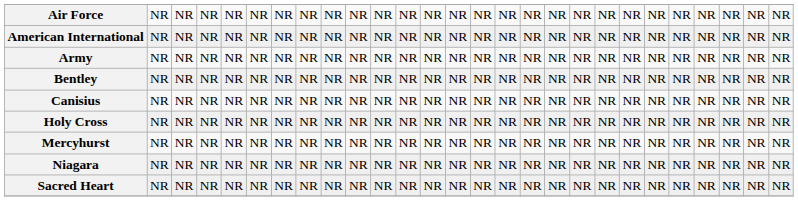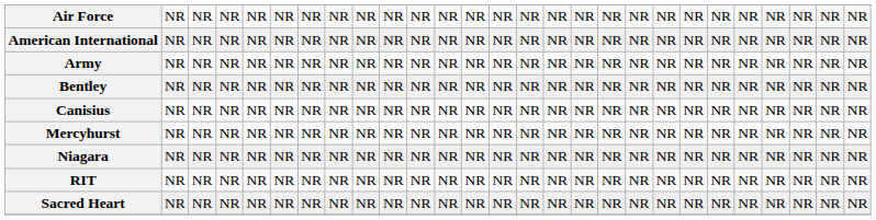 <table class="wikitable sortable" style="text-align: center;">
 <tr>
 </tr>
 <tr>
 <th>Air Force</th>
 <td>NR</td>
 <td>NR</td>
 <td>NR</td>
 <td>NR</td>
 <td>NR</td>
 <td>NR</td>
 <td>NR</td>
 <td>NR</td>
 <td>NR</td>
 <td>NR</td>
 <td>NR</td>
 <td>NR</td>
 <td>NR</td>
 <td>NR</td>
 <td>NR</td>
 <td>NR</td>
 <td>NR</td>
 <td>NR</td>
 <td>NR</td>
 <td>NR</td>
 <td>NR</td>
 <td>NR</td>
 <td>NR</td>
 <td>NR</td>
 <td>NR</td>
 <td>NR</td>
 </tr>
 <tr bgcolor=f0f0f0>
 <th>American International</th>
 <td>NR</td>
 <td>NR</td>
 <td>NR</td>
 <td>NR</td>
 <td>NR</td>
 <td>NR</td>
 <td>NR</td>
 <td>NR</td>
 <td>NR</td>
 <td>NR</td>
 <td>NR</td>
 <td>NR</td>
 <td>NR</td>
 <td>NR</td>
 <td>NR</td>
 <td>NR</td>
 <td>NR</td>
 <td>NR</td>
 <td>NR</td>
 <td>NR</td>
 <td>NR</td>
 <td>NR</td>
 <td>NR</td>
 <td>NR</td>
 <td>NR</td>
 <td>NR</td>
 </tr>
 <tr>
 <th>Army</th>
 <td>NR</td>
 <td>NR</td>
 <td>NR</td>
 <td>NR</td>
 <td>NR</td>
 <td>NR</td>
 <td>NR</td>
 <td>NR</td>
 <td>NR</td>
 <td>NR</td>
 <td>NR</td>
 <td>NR</td>
 <td>NR</td>
 <td>NR</td>
 <td>NR</td>
 <td>NR</td>
 <td>NR</td>
 <td>NR</td>
 <td>NR</td>
 <td>NR</td>
 <td>NR</td>
 <td>NR</td>
 <td>NR</td>
 <td>NR</td>
 <td>NR</td>
 <td>NR</td>
 </tr>
 <tr bgcolor=f0f0f0>
 <th>Bentley</th>
 <td>NR</td>
 <td>NR</td>
 <td>NR</td>
 <td>NR</td>
 <td>NR</td>
 <td>NR</td>
 <td>NR</td>
 <td>NR</td>
 <td>NR</td>
 <td>NR</td>
 <td>NR</td>
 <td>NR</td>
 <td>NR</td>
 <td>NR</td>
 <td>NR</td>
 <td>NR</td>
 <td>NR</td>
 <td>NR</td>
 <td>NR</td>
 <td>NR</td>
 <td>NR</td>
 <td>NR</td>
 <td>NR</td>
 <td>NR</td>
 <td>NR</td>
 <td>NR</td>
 </tr>
 <tr>
 <th>Canisius</th>
 <td>NR</td>
 <td>NR</td>
 <td>NR</td>
 <td>NR</td>
 <td>NR</td>
 <td>NR</td>
 <td>NR</td>
 <td>NR</td>
 <td>NR</td>
 <td>NR</td>
 <td>NR</td>
 <td>NR</td>
 <td>NR</td>
 <td>NR</td>
 <td>NR</td>
 <td>NR</td>
 <td>NR</td>
 <td>NR</td>
 <td>NR</td>
 <td>NR</td>
 <td>NR</td>
 <td>NR</td>
 <td>NR</td>
 <td>NR</td>
 <td>NR</td>
 <td>NR</td>
 </tr>
-<tr bgcolor=f0f0f0>
-<th>Holy Cross</th>
-<td>NR</td>
-<td>NR</td>
-<td>NR</td>
-<td>NR</td>
-<td>NR</td>
-<td>NR</td>
-<td>NR</td>
-<td>NR</td>
-<td>NR</td>
-<td>NR</td>
-<td>NR</td>
-<td>NR</td>
-<td>NR</td>
-<td>NR</td>
-<td>NR</td>
-<td>NR</td>
-<td>NR</td>
-<td>NR</td>
-<td>NR</td>
-<td>NR</td>
-<td>NR</td>
-<td>NR</td>
-<td>NR</td>
-<td>NR</td>
-<td>NR</td>
-<td>NR</td>
-</tr>
 <tr>
 <th>Mercyhurst</th>
 <td>NR</td>
 <td>NR</td>
 <td>NR</td>
 <td>NR</td>
 <td>NR</td>
 <td>NR</td>
 <td>NR</td>
 <td>NR</td>
 <td>NR</td>
 <td>NR</td>
 <td>NR</td>
 <td>NR</td>
 <td>NR</td>
 <td>NR</td>
 <td>NR</td>
 <td>NR</td>
 <td>NR</td>
 <td>NR</td>
 <td>NR</td>
 <td>NR</td>
 <td>NR</td>
 <td>NR</td>
 <td>NR</td>
 <td>NR</td>
 <td>NR</td>
 <td>NR</td>
 </tr>
 <tr bgcolor=f0f0f0>
 <th>Niagara</th>
+<td>NR</td>
+<td>NR</td>
+<td>NR</td>
+<td>NR</td>
+<td>NR</td>
+<td>NR</td>
+<td>NR</td>
+<td>NR</td>
+<td>NR</td>
+<td>NR</td>
+<td>NR</td>
+<td>NR</td>
+<td>NR</td>
+<td>NR</td>
+<td>NR</td>
+<td>NR</td>
+<td>NR</td>
+<td>NR</td>
+<td>NR</td>
+<td>NR</td>
+<td>NR</td>
+<td>NR</td>
+<td>NR</td>
+<td>NR</td>
+<td>NR</td>
+<td>NR</td>
+</tr>
+<tr>
+<th>RIT</th>
 <td>NR</td>
 <td>NR</td>
 <td>NR</td>
 <td>NR</td>
 <td>NR</td>
 <td>NR</td>
 <td>NR</td>
 <td>NR</td>
 <td>NR</td>
 <td>NR</td>
 <td>NR</td>
 <td>NR</td>
 <td>NR</td>
 <td>NR</td>
 <td>NR</td>
 <td>NR</td>
 <td>NR</td>
 <td>NR</td>
 <td>NR</td>
 <td>NR</td>
 <td>NR</td>
 <td>NR</td>
 <td>NR</td>
 <td>NR</td>
 <td>NR</td>
 <td>NR</td>
 </tr>
 <tr bgcolor=f0f0f0>
 <th>Sacred Heart</th>
 <td>NR</td>
 <td>NR</td>
 <td>NR</td>
 <td>NR</td>
 <td>NR</td>
 <td>NR</td>
 <td>NR</td>
 <td>NR</td>
 <td>NR</td>
 <td>NR</td>
 <td>NR</td>
 <td>NR</td>
 <td>NR</td>
 <td>NR</td>
 <td>NR</td>
 <td>NR</td>
 <td>NR</td>
 <td>NR</td>
 <td>NR</td>
 <td>NR</td>
 <td>NR</td>
 <td>NR</td>
 <td>NR</td>
 <td>NR</td>
 <td>NR</td>
 <td>NR</td>
 </tr>
 <tr>
 </tr>
 </table>
